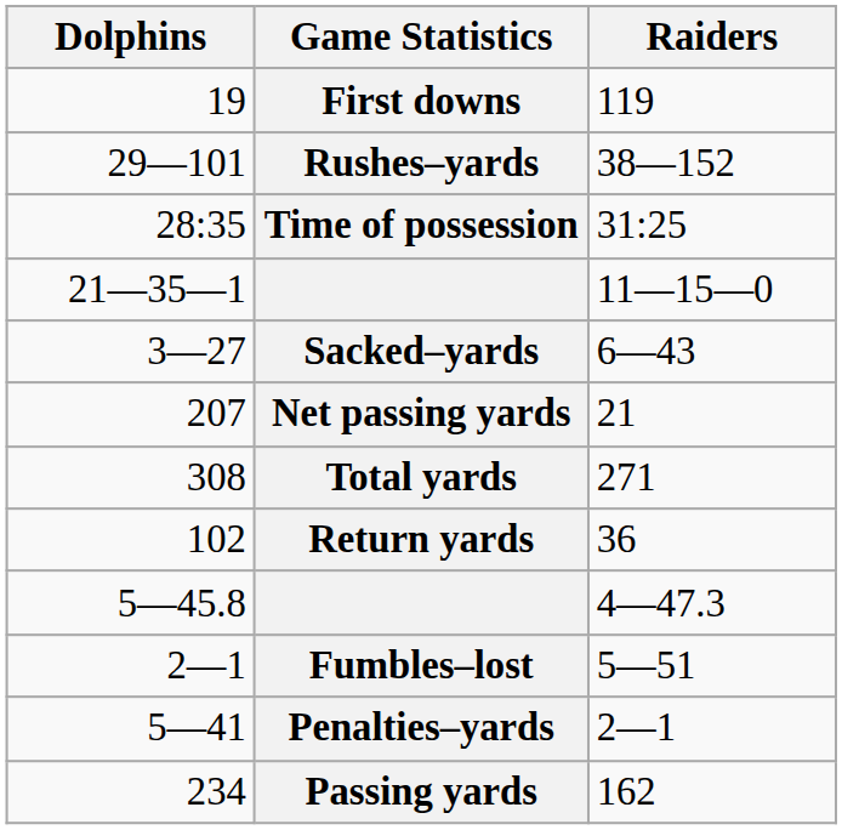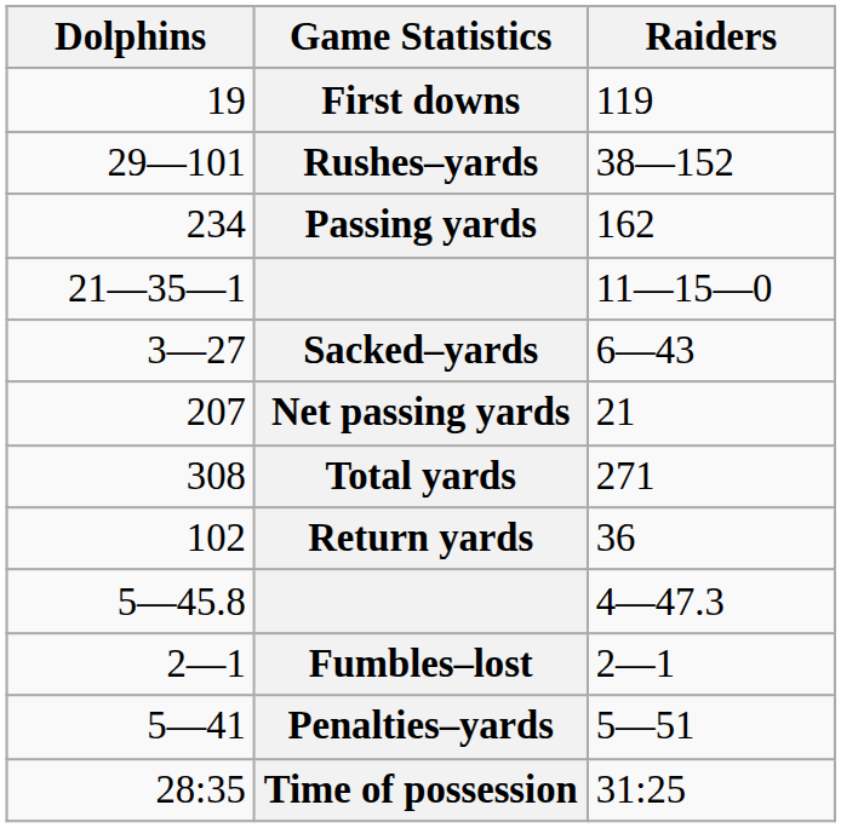 <table class="wikitable" style="margin: 1em auto 1em auto">
 <tr>
 <th style="width:30%;">Dolphins</th>
 <th style="width:40%;">Game Statistics</th>
 <th style="width:30%;">Raiders</th>
 </tr>
 <tr>
 <td style="text-align:right;">19</td>
 <th>First downs</th>
 <td>119</td>
 </tr>
 <tr>
 <td style="text-align:right;">29—101</td>
 <th>Rushes–yards</th>
 <td>38—152</td>
 </tr>
 <tr>
-<td style="text-align:right;">28:35</td>
-<th>Time of possession</th>
-<td>31:25</td>
+<td style="text-align:right;">234</td>
+<th>Passing yards</th>
+<td>162</td>
 </tr>
 <tr>
 <td style="text-align:right;">21—35—1</td>
 <th></th>
 <td>11—15—0</td>
 </tr>
 <tr>
 <td style="text-align:right;">3—27</td>
 <th>Sacked–yards</th>
 <td>6—43</td>
 </tr>
 <tr>
 <td style="text-align:right;">207</td>
 <th>Net passing yards</th>
 <td>21</td>
 </tr>
 <tr>
 <td style="text-align:right;">308</td>
 <th>Total yards</th>
 <td>271</td>
 </tr>
 <tr>
 <td style="text-align:right;">102</td>
 <th>Return yards</th>
 <td>36</td>
 </tr>
 <tr>
 <td style="text-align:right;">5—45.8</td>
 <th></th>
 <td>4—47.3</td>
 </tr>
 <tr>
 <td style="text-align:right;">2—1</td>
 <th>Fumbles–lost</th>
-<td>5—51</td>
+<td>2—1</td>
 </tr>
 <tr>
 <td style="text-align:right;">5—41</td>
 <th>Penalties–yards</th>
-<td>2—1</td>
+<td>5—51</td>
 </tr>
 <tr>
-<td style="text-align:right;">234</td>
-<th>Passing yards</th>
-<td>162</td>
+<td style="text-align:right;">28:35</td>
+<th>Time of possession</th>
+<td>31:25</td>
 </tr>
 </table>
